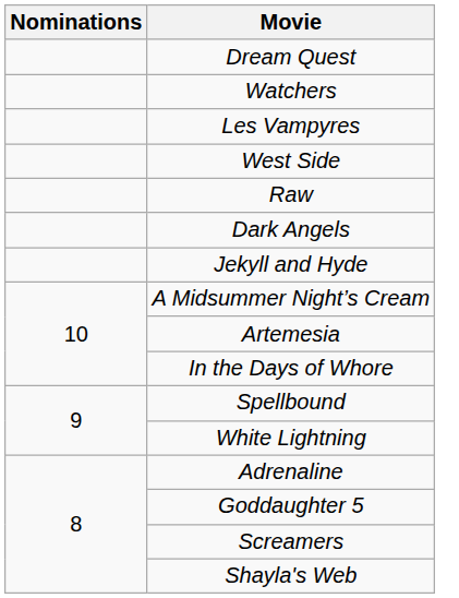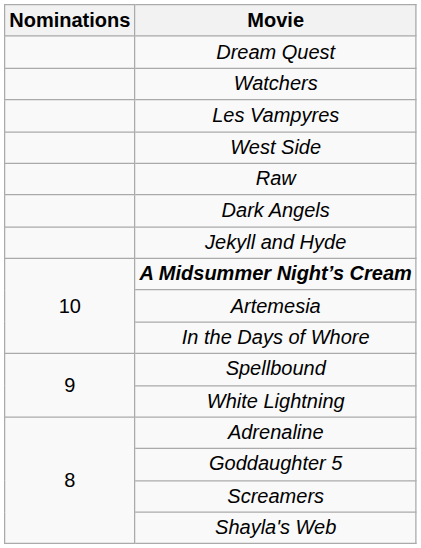 <table class="wikitable" style="text-align:center;">
 <tr>
 <th scope="col" width="55">Nominations</th>
 <th scope="col" align="center">Movie</th>
 </tr>
 <tr>
 <td></td>
 <td><em>Dream Quest</em></td>
 </tr>
 <tr>
 <td></td>
 <td><em>Watchers</em></td>
 </tr>
 <tr>
 <td></td>
 <td><em>Les Vampyres</em></td>
 </tr>
 <tr>
 <td></td>
 <td><em>West Side</em></td>
 </tr>
 <tr>
 <td></td>
 <td><em>Raw</em></td>
 </tr>
 <tr>
 <td></td>
 <td><em>Dark Angels</em></td>
 </tr>
 <tr>
 <td></td>
 <td><em>Jekyll and Hyde</em></td>
 </tr>
 <tr>
 <td rowspan=3 style="text-align:center">10</td>
-<td><em>A Midsummer Night’s Cream</em></td>
+<td><strong><em>A Midsummer Night’s Cream</em></strong></td>
 </tr>
 <tr>
 <td><em>Artemesia</em></td>
 </tr>
 <tr>
 <td><em>In the Days of Whore</em></td>
 </tr>
 <tr>
 <td rowspan=2 style="text-align:center">9</td>
 <td><em>Spellbound</em></td>
 </tr>
 <tr>
 <td><em>White Lightning</em></td>
 </tr>
 <tr>
 <td rowspan=4 style="text-align:center">8</td>
 <td><em>Adrenaline</em></td>
 </tr>
 <tr>
 <td><em>Goddaughter 5</em></td>
 </tr>
 <tr>
 <td><em>Screamers</em></td>
 </tr>
 <tr>
 <td><em>Shayla's Web</em></td>
 </tr>
 </table>
